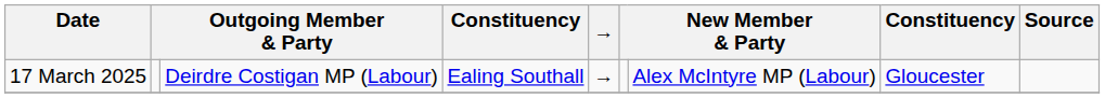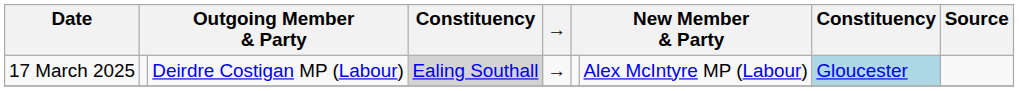 <table class="wikitable">
 <tr>
 <th valign="top">Date</th>
 <th colspan="2" valign="top">Outgoing Member<br>& Party</th>
 <th valign="top">Constituency</th>
 <th>→</th>
 <th colspan="2" valign="top">New Member<br>& Party</th>
 <th valign="top">Constituency</th>
 <th valign="top">Source</th>
 </tr>
 <tr>
 <td nowrap>17 March 2025</td>
 <td style="color:inherit;background:"></td>
 <td><a href='#'>Deirdre Costigan</a> MP (<a href='#'>Labour</a>)</td>
-<td><a href='#'>Ealing Southall</a></td>
+<td style="background: lightgrey;"><a href='#'>Ealing Southall</a></td>
 <td>→</td>
 <td style="color:inherit;background:"></td>
 <td><a href='#'>Alex McIntyre</a> MP (<a href='#'>Labour</a>)</td>
-<td><a href='#'>Gloucester</a></td>
+<td style="background: lightblue;"><a href='#'>Gloucester</a></td>
 <td></td>
 </tr>
 <tr>
 </tr>
 </table>
